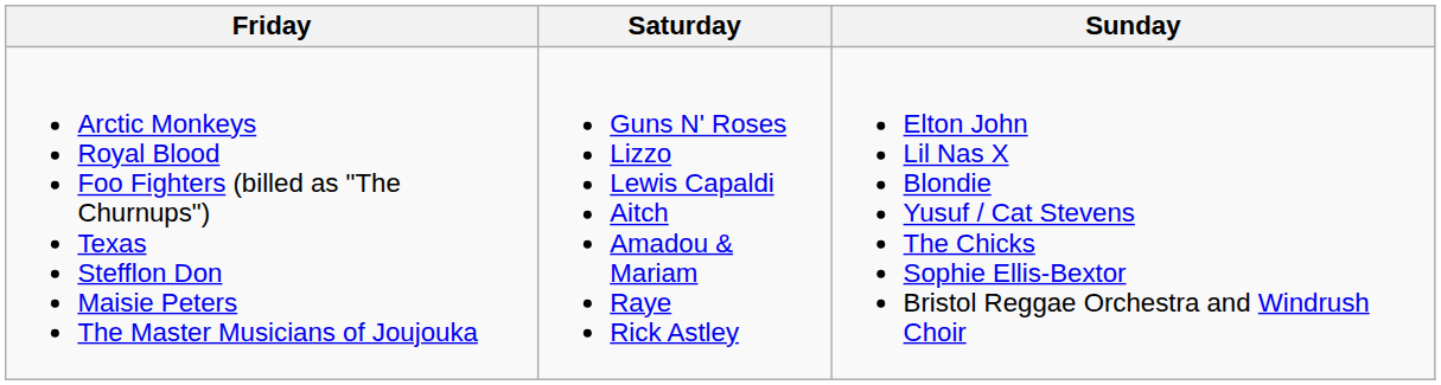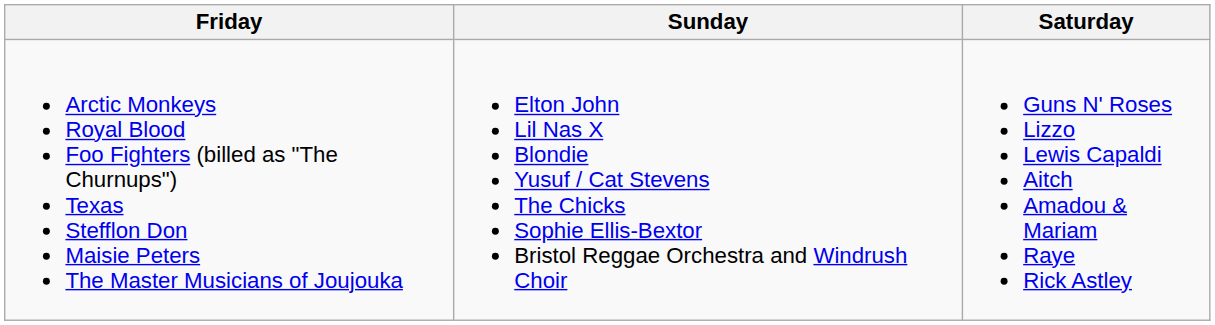 <table class="wikitable">
 <tr>
 <th>Friday</th>
+<th>Sunday</th>
 <th>Saturday</th>
-<th>Sunday</th>
 </tr>
 <tr>
 <td><br><ul><li><a href='#'>Arctic Monkeys</a></li><li><a href='#'>Royal Blood</a></li><li><a href='#'>Foo Fighters</a> (billed as "The Churnups")</li><li><a href='#'>Texas</a></li><li><a href='#'>Stefflon Don</a></li><li><a href='#'>Maisie Peters</a></li><li><a href='#'>The Master Musicians of Joujouka</a></li></ul></td>
+<td><br><ul><li><a href='#'>Elton John</a></li><li><a href='#'>Lil Nas X</a></li><li><a href='#'>Blondie</a></li><li><a href='#'>Yusuf / Cat Stevens</a></li><li><a href='#'>The Chicks</a></li><li><a href='#'>Sophie Ellis-Bextor</a></li><li>Bristol Reggae Orchestra and <a href='#'>Windrush Choir</a></li></ul></td>
 <td><br><ul><li><a href='#'>Guns N' Roses</a></li><li><a href='#'>Lizzo</a></li><li><a href='#'>Lewis Capaldi</a></li><li><a href='#'>Aitch</a></li><li><a href='#'>Amadou & Mariam</a></li><li><a href='#'>Raye</a></li><li><a href='#'>Rick Astley</a></li></ul></td>
-<td><br><ul><li><a href='#'>Elton John</a></li><li><a href='#'>Lil Nas X</a></li><li><a href='#'>Blondie</a></li><li><a href='#'>Yusuf / Cat Stevens</a></li><li><a href='#'>The Chicks</a></li><li><a href='#'>Sophie Ellis-Bextor</a></li><li>Bristol Reggae Orchestra and <a href='#'>Windrush Choir</a></li></ul></td>
 </tr>
 </table>
